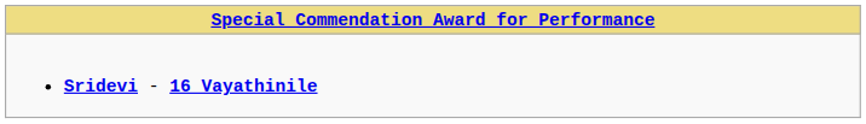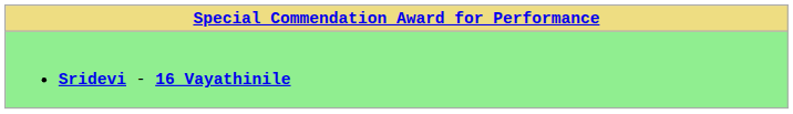 <table class="wikitable" width=50% |>
 <tr>
 <th !  style="background:#eedd82; text-align:center; width:50%;"><a href='#'>Special Commendation Award for Performance</a></th>
 </tr>
 <tr>
-<td valign="top"><br><ul><li><strong><a href='#'>Sridevi</a></strong> - <strong><a href='#'>16 Vayathinile</a></strong></li></ul></td>
+<td valign="top" style="background: lightgreen;"><br><ul><li><strong><a href='#'>Sridevi</a></strong> - <strong><a href='#'>16 Vayathinile</a></strong></li></ul></td>
 </tr>
 </table>
